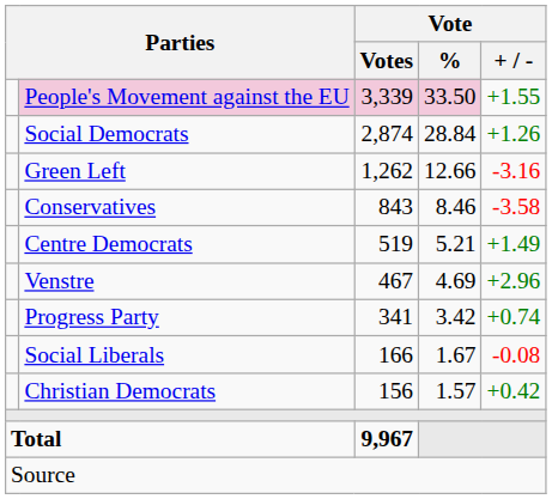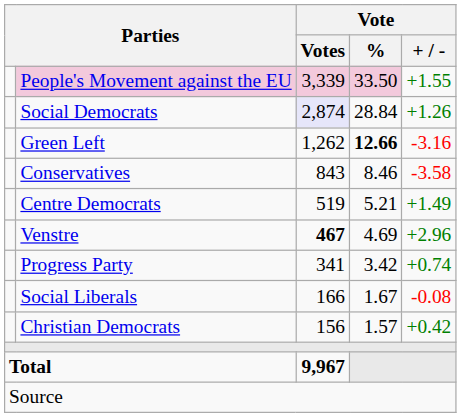 <table class="wikitable" style="text-align:right;">
 <tr>
 <th style="text-align:centre;" rowspan="2" colspan="2" width="225">Parties</th>
 <th colspan="3">Vote</th>
 </tr>
 <tr>
 <th width="15">Votes</th>
 <th width="15">%</th>
 <th width="15">+ / -</th>
 </tr>
 <tr>
 <td width="2" style="color:inherit;background:"></td>
 <td bgcolor=#f3c9dc   align="left"><a href='#'>People's Movement against the EU</a></td>
 <td bgcolor=#f3c9dc>3,339</td>
 <td bgcolor=#f3c9dc>33.50</td>
 <td style=color:green;>+1.55</td>
 </tr>
 <tr>
 <td width="2" style="color:inherit;background:"></td>
 <td align="left"><a href='#'>Social Democrats</a></td>
-<td>2,874</td>
+<td style="background: lavender;">2,874</td>
 <td>28.84</td>
 <td style=color:green;>+1.26</td>
 </tr>
 <tr>
 <td width="2" style="color:inherit;background:"></td>
 <td align="left"><a href='#'>Green Left</a></td>
 <td>1,262</td>
-<td>12.66</td>
+<td><strong>12.66</strong></td>
 <td style=color:red;>-3.16</td>
 </tr>
 <tr>
 <td width="2" style="color:inherit;background:"></td>
 <td align="left"><a href='#'>Conservatives</a></td>
 <td>843</td>
 <td>8.46</td>
 <td style=color:red;>-3.58</td>
 </tr>
 <tr>
 <td width="2" style="color:inherit;background:"></td>
 <td align="left"><a href='#'>Centre Democrats</a></td>
 <td>519</td>
 <td>5.21</td>
 <td style=color:green;>+1.49</td>
 </tr>
 <tr>
 <td width="2" style="color:inherit;background:"></td>
 <td align="left"><a href='#'>Venstre</a></td>
-<td>467</td>
+<td><strong>467</strong></td>
 <td>4.69</td>
 <td style=color:green;>+2.96</td>
 </tr>
 <tr>
 <td width="2" style="color:inherit;background:"></td>
 <td align="left"><a href='#'>Progress Party</a></td>
 <td>341</td>
 <td>3.42</td>
 <td style=color:green;>+0.74</td>
 </tr>
 <tr>
 <td width="2" style="color:inherit;background:"></td>
 <td align="left"><a href='#'>Social Liberals</a></td>
 <td>166</td>
 <td>1.67</td>
 <td style=color:red;>-0.08</td>
 </tr>
 <tr>
 <td width="2" style="color:inherit;background:"></td>
 <td align="left"><a href='#'>Christian Democrats</a></td>
 <td>156</td>
 <td>1.57</td>
 <td style=color:green;>+0.42</td>
 </tr>
 <tr>
 <td colspan="7" bgcolor="#E9E9E9"></td>
 </tr>
 <tr>
 <td align="left" colspan="2"><strong>Total</strong></td>
 <td><strong>9,967</strong></td>
 <td bgcolor="#E9E9E9" colspan="2"></td>
 </tr>
 <tr>
 <td align="left" colspan="6">Source</td>
 </tr>
 </table>
